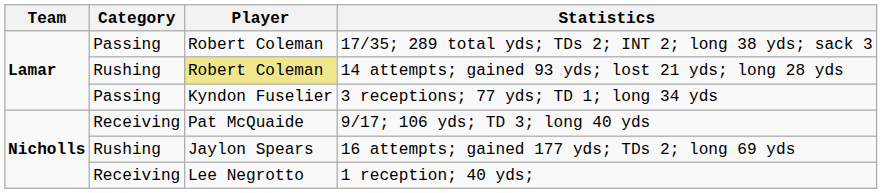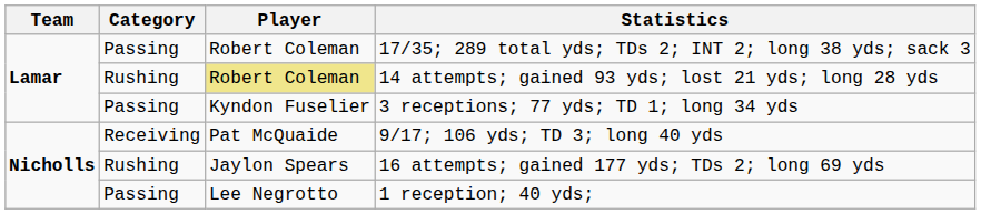 <table class="wikitable" style="float: right;">
 <tr>
 <th>Team</th>
 <th>Category</th>
 <th>Player</th>
 <th>Statistics</th>
 </tr>
 <tr>
 <td rowspan=3><strong>Lamar</strong></td>
 <td>Passing</td>
 <td>Robert Coleman</td>
 <td>17/35; 289 total yds; TDs 2; INT 2; long 38 yds; sack 3</td>
 </tr>
 <tr>
 <td>Rushing</td>
 <td style="background: khaki;">Robert Coleman</td>
 <td>14 attempts; gained 93 yds; lost 21 yds; long 28 yds</td>
 </tr>
 <tr>
 <td>Passing</td>
 <td>Kyndon Fuselier</td>
 <td>3 receptions; 77 yds; TD 1; long 34 yds</td>
 </tr>
 <tr>
 <td rowspan=3><strong>Nicholls</strong></td>
 <td>Receiving</td>
 <td>Pat McQuaide</td>
 <td>9/17; 106 yds; TD 3; long 40 yds</td>
 </tr>
 <tr>
 <td>Rushing</td>
 <td>Jaylon Spears</td>
 <td>16 attempts; gained 177 yds; TDs 2; long 69 yds</td>
 </tr>
 <tr>
-<td>Receiving</td>
+<td>Passing</td>
 <td>Lee Negrotto</td>
 <td>1 reception; 40 yds;</td>
 </tr>
 </table>
